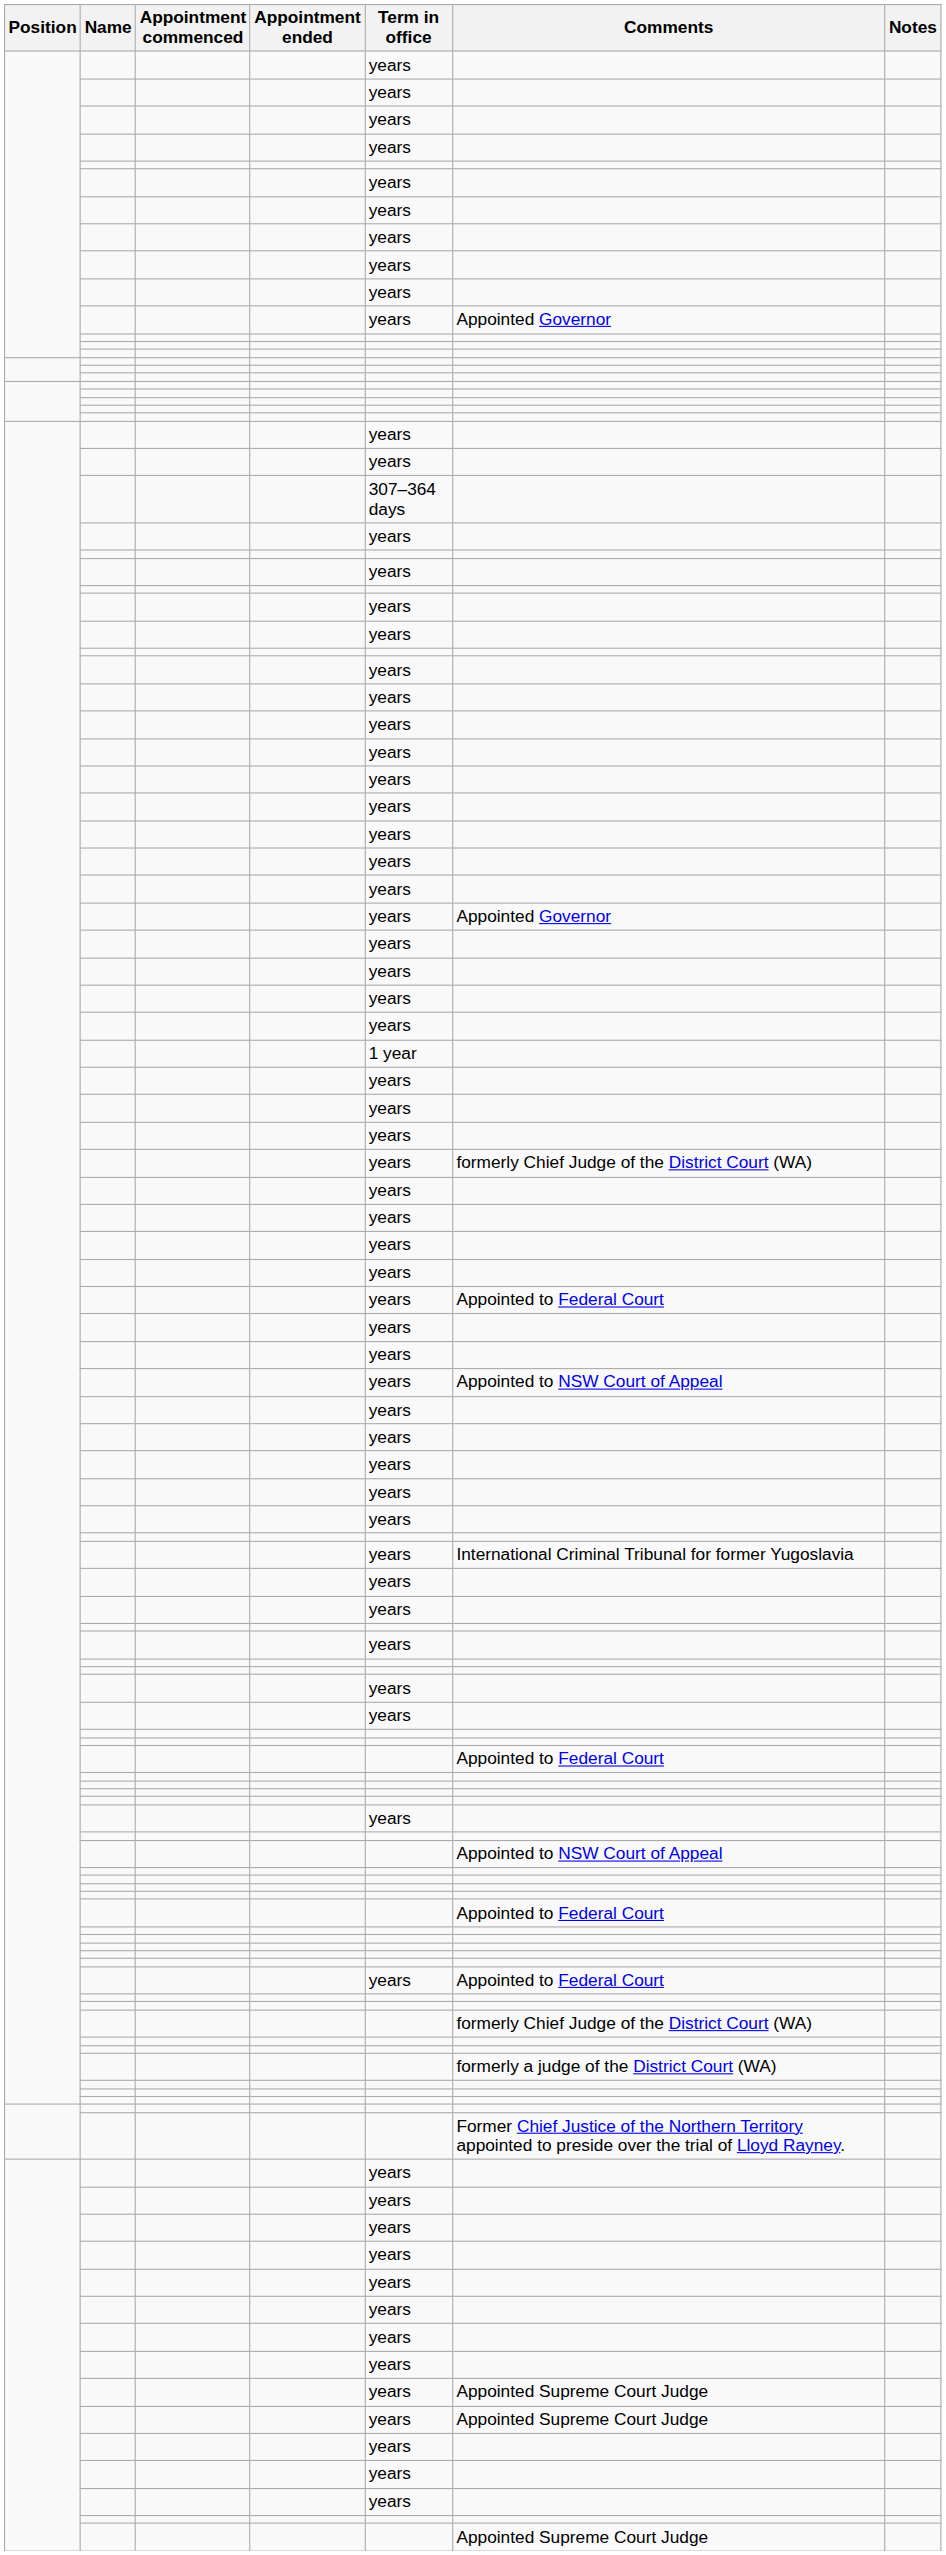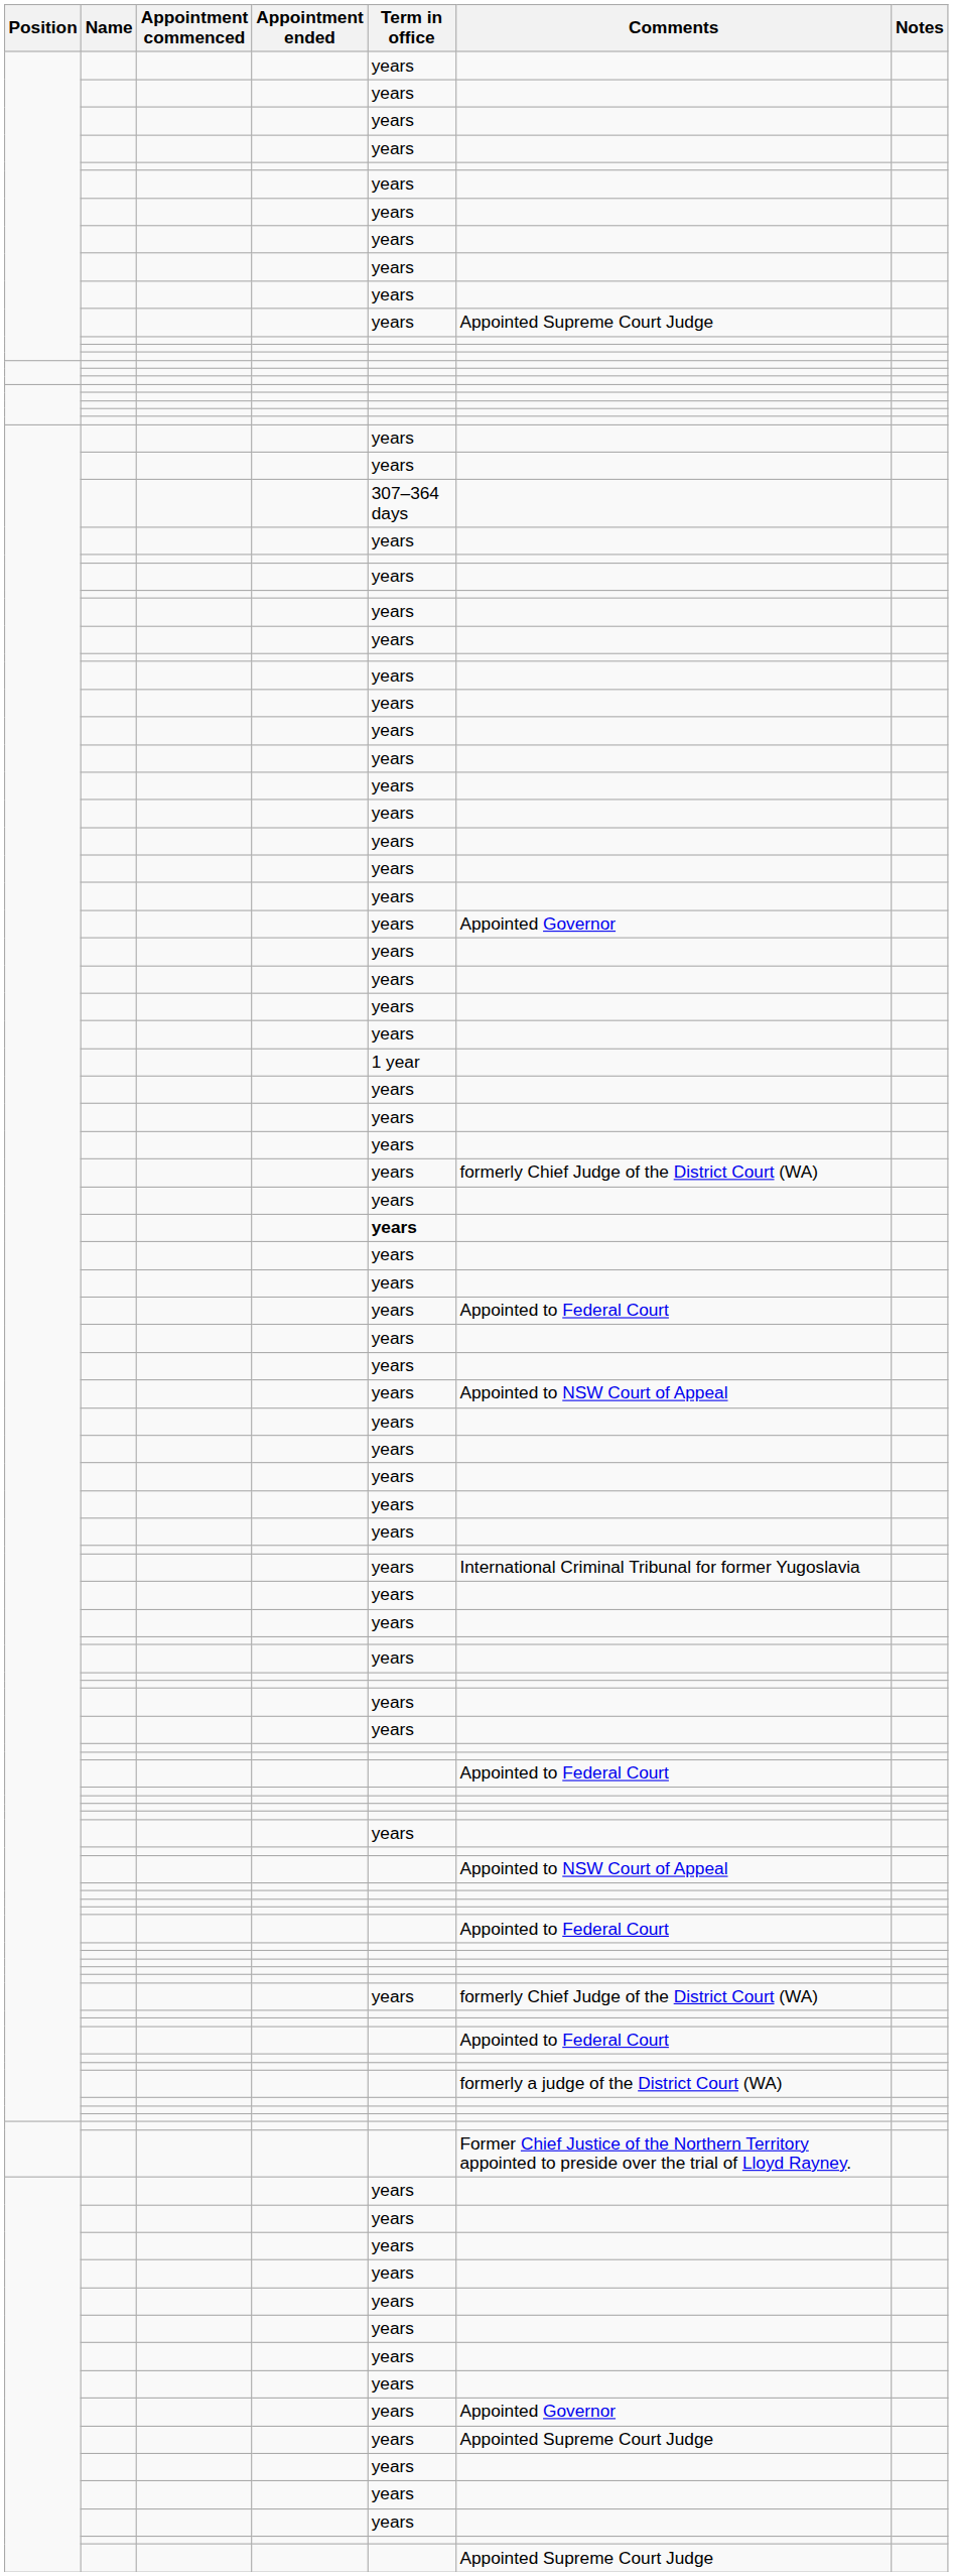 <table class="wikitable sortable" border="1" ||>
 <tr>
 <th>Position</th>
 <th>Name</th>
 <th>Appointment<br>commenced</th>
 <th>Appointment<br>ended</th>
 <th>Term in office</th>
 <th class="unsortable">Comments</th>
 <th class="unsortable">Notes</th>
 </tr>
 <tr style="vertical-align: top;">
 <td rowspan="14"></td>
 <td></td>
 <td></td>
 <td></td>
 <td> years</td>
 <td></td>
 <td></td>
 </tr>
 <tr>
 <td></td>
 <td></td>
 <td></td>
 <td> years</td>
 <td></td>
 <td></td>
 </tr>
 <tr>
 <td></td>
 <td></td>
 <td></td>
 <td> years</td>
 <td></td>
 <td></td>
 </tr>
 <tr>
 <td></td>
 <td></td>
 <td></td>
 <td> years</td>
 <td></td>
 <td></td>
 </tr>
 <tr>
 <td></td>
 <td></td>
 <td></td>
 <td></td>
 <td></td>
 <td></td>
 </tr>
 <tr>
 <td></td>
 <td></td>
 <td></td>
 <td> years</td>
 <td></td>
 <td></td>
 </tr>
 <tr>
 <td></td>
 <td></td>
 <td></td>
 <td> years</td>
 <td></td>
 <td></td>
 </tr>
 <tr>
 <td></td>
 <td></td>
 <td></td>
 <td> years</td>
 <td></td>
 <td></td>
 </tr>
 <tr>
 <td></td>
 <td></td>
 <td></td>
 <td> years</td>
 <td></td>
 <td></td>
 </tr>
 <tr>
 <td></td>
 <td></td>
 <td></td>
 <td> years</td>
 <td></td>
 <td></td>
 </tr>
 <tr>
 <td></td>
 <td></td>
 <td></td>
 <td> years</td>
-<td>Appointed <a href='#'>Governor</a></td>
+<td>Appointed Supreme Court Judge</td>
 <td></td>
 </tr>
 <tr>
 <td></td>
 <td></td>
 <td></td>
 <td></td>
 <td></td>
 <td></td>
 </tr>
 <tr>
 <td></td>
 <td></td>
 <td></td>
 <td></td>
 <td></td>
 <td></td>
 </tr>
 <tr>
 <td></td>
 <td></td>
 <td></td>
 <td></td>
 <td></td>
 <td></td>
 </tr>
 <tr style="vertical-align: top;">
 <td rowspan="3"></td>
 <td></td>
 <td></td>
 <td></td>
 <td></td>
 <td></td>
 <td></td>
 </tr>
 <tr>
 <td></td>
 <td></td>
 <td></td>
 <td></td>
 <td></td>
 <td></td>
 </tr>
 <tr>
 <td></td>
 <td></td>
 <td></td>
 <td></td>
 <td></td>
 <td></td>
 </tr>
 <tr style="vertical-align: top;">
 <td rowspan="5"></td>
 <td></td>
 <td></td>
 <td></td>
 <td></td>
 <td></td>
 <td></td>
 </tr>
 <tr>
 <td></td>
 <td></td>
 <td></td>
 <td></td>
 <td></td>
 <td></td>
 </tr>
 <tr>
 <td></td>
 <td></td>
 <td></td>
 <td></td>
 <td></td>
 <td></td>
 </tr>
 <tr>
 <td></td>
 <td></td>
 <td></td>
 <td></td>
 <td></td>
 <td></td>
 </tr>
 <tr>
 <td></td>
 <td></td>
 <td></td>
 <td></td>
 <td></td>
 <td></td>
 </tr>
 <tr style="vertical-align: top;">
 <td rowspan="82"></td>
 <td></td>
 <td></td>
 <td></td>
 <td> years</td>
 <td></td>
 <td></td>
 </tr>
 <tr>
 <td></td>
 <td></td>
 <td></td>
 <td> years</td>
 <td></td>
 <td></td>
 </tr>
 <tr>
 <td></td>
 <td></td>
 <td></td>
 <td> 307–364 days</td>
 <td></td>
 <td></td>
 </tr>
 <tr>
 <td></td>
 <td></td>
 <td></td>
 <td> years</td>
 <td></td>
 <td></td>
 </tr>
 <tr>
 <td></td>
 <td></td>
 <td></td>
 <td></td>
 <td></td>
 <td></td>
 </tr>
 <tr>
 <td></td>
 <td></td>
 <td></td>
 <td> years</td>
 <td></td>
 <td></td>
 </tr>
 <tr>
 <td></td>
 <td></td>
 <td></td>
 <td></td>
 <td></td>
 <td></td>
 </tr>
 <tr>
 <td></td>
 <td></td>
 <td></td>
 <td> years</td>
 <td></td>
 <td></td>
 </tr>
 <tr>
 <td></td>
 <td></td>
 <td></td>
 <td> years</td>
 <td></td>
 <td></td>
 </tr>
 <tr>
 <td></td>
 <td></td>
 <td></td>
 <td></td>
 <td></td>
 <td></td>
 </tr>
 <tr>
 <td></td>
 <td></td>
 <td></td>
 <td> years</td>
 <td></td>
 <td></td>
 </tr>
 <tr>
 <td></td>
 <td></td>
 <td></td>
 <td> years</td>
 <td></td>
 <td></td>
 </tr>
 <tr>
 <td></td>
 <td></td>
 <td></td>
 <td> years</td>
 <td></td>
 <td></td>
 </tr>
 <tr>
 <td></td>
 <td></td>
 <td></td>
 <td> years</td>
 <td></td>
 <td></td>
 </tr>
 <tr>
 <td></td>
 <td></td>
 <td></td>
 <td> years</td>
 <td></td>
 <td></td>
 </tr>
 <tr>
 <td></td>
 <td></td>
 <td></td>
 <td> years</td>
 <td></td>
 <td></td>
 </tr>
 <tr>
 <td></td>
 <td></td>
 <td></td>
 <td> years</td>
 <td></td>
 <td></td>
 </tr>
 <tr>
 <td></td>
 <td></td>
 <td></td>
 <td> years</td>
 <td></td>
 <td></td>
 </tr>
 <tr>
 <td></td>
 <td></td>
 <td></td>
 <td> years</td>
 <td></td>
 <td></td>
 </tr>
 <tr>
 <td></td>
 <td></td>
 <td></td>
 <td> years</td>
 <td>Appointed <a href='#'>Governor</a></td>
 <td></td>
 </tr>
 <tr>
 <td></td>
 <td></td>
 <td></td>
 <td> years</td>
 <td></td>
 <td></td>
 </tr>
 <tr>
 <td></td>
 <td></td>
 <td></td>
 <td> years</td>
 <td></td>
 <td></td>
 </tr>
 <tr>
 <td></td>
 <td></td>
 <td></td>
 <td> years</td>
 <td></td>
 <td></td>
 </tr>
 <tr>
 <td></td>
 <td></td>
 <td></td>
 <td> years</td>
 <td></td>
 <td></td>
 </tr>
 <tr>
 <td></td>
 <td></td>
 <td></td>
 <td> 1 year</td>
 <td></td>
 <td></td>
 </tr>
 <tr>
 <td></td>
 <td></td>
 <td></td>
 <td> years</td>
 <td></td>
 <td></td>
 </tr>
 <tr>
 <td></td>
 <td></td>
 <td></td>
 <td> years</td>
 <td></td>
 <td></td>
 </tr>
 <tr>
 <td></td>
 <td></td>
 <td></td>
 <td> years</td>
 <td></td>
 <td></td>
 </tr>
 <tr>
 <td></td>
 <td></td>
 <td></td>
 <td> years</td>
 <td>formerly Chief Judge of the <a href='#'>District Court</a> (WA)</td>
 <td></td>
 </tr>
 <tr>
 <td></td>
 <td></td>
 <td></td>
 <td> years</td>
 <td></td>
 <td></td>
 </tr>
 <tr>
 <td></td>
 <td></td>
 <td></td>
-<td> years</td>
+<td><strong> years</strong></td>
 <td></td>
 <td></td>
 </tr>
 <tr>
 <td></td>
 <td></td>
 <td></td>
 <td> years</td>
 <td></td>
 <td></td>
 </tr>
 <tr>
 <td></td>
 <td></td>
 <td></td>
 <td> years</td>
 <td></td>
 <td></td>
 </tr>
 <tr>
 <td></td>
 <td></td>
 <td></td>
 <td> years</td>
 <td>Appointed to <a href='#'>Federal Court</a></td>
 <td></td>
 </tr>
 <tr>
 <td></td>
 <td></td>
 <td></td>
 <td> years</td>
 <td></td>
 <td></td>
 </tr>
 <tr>
 <td></td>
 <td></td>
 <td></td>
 <td> years</td>
 <td></td>
 <td></td>
 </tr>
 <tr>
 <td></td>
 <td></td>
 <td></td>
 <td> years</td>
 <td>Appointed to <a href='#'>NSW Court of Appeal</a></td>
 <td></td>
 </tr>
 <tr>
 <td></td>
 <td></td>
 <td></td>
 <td> years</td>
 <td></td>
 <td></td>
 </tr>
 <tr>
 <td></td>
 <td></td>
 <td></td>
 <td> years</td>
 <td></td>
 <td></td>
 </tr>
 <tr>
 <td></td>
 <td></td>
 <td></td>
 <td> years</td>
 <td></td>
 <td></td>
 </tr>
 <tr>
 <td></td>
 <td></td>
 <td></td>
 <td> years</td>
 <td></td>
 <td></td>
 </tr>
 <tr>
 <td></td>
 <td></td>
 <td></td>
 <td> years</td>
 <td></td>
 <td></td>
 </tr>
 <tr>
 <td></td>
 <td></td>
 <td></td>
 <td></td>
 <td></td>
 <td></td>
 </tr>
 <tr>
 <td></td>
 <td></td>
 <td></td>
 <td> years</td>
 <td>International Criminal Tribunal for former Yugoslavia</td>
 <td></td>
 </tr>
 <tr>
 <td></td>
 <td></td>
 <td></td>
 <td> years</td>
 <td></td>
 <td></td>
 </tr>
 <tr>
 <td></td>
 <td></td>
 <td></td>
 <td> years</td>
 <td></td>
 <td></td>
 </tr>
 <tr>
 <td></td>
 <td></td>
 <td></td>
 <td></td>
 <td></td>
 <td></td>
 </tr>
 <tr>
 <td></td>
 <td></td>
 <td></td>
 <td> years</td>
 <td></td>
 <td></td>
 </tr>
 <tr>
 <td></td>
 <td></td>
 <td></td>
 <td></td>
 <td></td>
 <td></td>
 </tr>
 <tr>
 <td></td>
 <td></td>
 <td></td>
 <td></td>
 <td></td>
 <td></td>
 </tr>
 <tr>
 <td></td>
 <td></td>
 <td></td>
 <td> years</td>
 <td></td>
 <td></td>
 </tr>
 <tr>
 <td></td>
 <td></td>
 <td></td>
 <td> years</td>
 <td></td>
 <td></td>
 </tr>
 <tr>
 <td></td>
 <td></td>
 <td></td>
 <td></td>
 <td></td>
 <td></td>
 </tr>
 <tr>
 <td></td>
 <td></td>
 <td></td>
 <td></td>
 <td></td>
 <td></td>
 </tr>
 <tr>
 <td></td>
 <td></td>
 <td></td>
 <td></td>
 <td>Appointed to <a href='#'>Federal Court</a></td>
 <td></td>
 </tr>
 <tr>
 <td></td>
 <td></td>
 <td></td>
 <td></td>
 <td></td>
 <td></td>
 </tr>
 <tr>
 <td></td>
 <td></td>
 <td></td>
 <td></td>
 <td></td>
 <td></td>
 </tr>
 <tr>
 <td></td>
 <td></td>
 <td></td>
 <td></td>
 <td></td>
 <td></td>
 </tr>
 <tr>
 <td></td>
 <td></td>
 <td></td>
 <td></td>
 <td></td>
 <td></td>
 </tr>
 <tr>
 <td></td>
 <td></td>
 <td></td>
 <td> years</td>
 <td></td>
 <td></td>
 </tr>
 <tr>
 <td></td>
 <td></td>
 <td></td>
 <td></td>
 <td></td>
 <td></td>
 </tr>
 <tr>
 <td></td>
 <td></td>
 <td></td>
 <td></td>
 <td>Appointed to <a href='#'>NSW Court of Appeal</a></td>
 <td></td>
 </tr>
 <tr>
 <td></td>
 <td></td>
 <td></td>
 <td></td>
 <td></td>
 <td></td>
 </tr>
 <tr>
 <td></td>
 <td></td>
 <td></td>
 <td></td>
 <td></td>
 <td></td>
 </tr>
 <tr>
 <td></td>
 <td></td>
 <td></td>
 <td></td>
 <td></td>
 <td></td>
 </tr>
 <tr>
 <td></td>
 <td></td>
 <td></td>
 <td></td>
 <td></td>
 <td></td>
 </tr>
 <tr>
 <td></td>
 <td></td>
 <td></td>
 <td></td>
 <td>Appointed to <a href='#'>Federal Court</a></td>
 <td></td>
 </tr>
 <tr>
 <td></td>
 <td></td>
 <td></td>
 <td></td>
 <td></td>
 <td></td>
 </tr>
 <tr>
 <td></td>
 <td></td>
 <td></td>
 <td></td>
 <td></td>
 <td></td>
 </tr>
 <tr>
 <td></td>
 <td></td>
 <td></td>
 <td></td>
 <td></td>
 <td></td>
 </tr>
 <tr>
 <td></td>
 <td></td>
 <td></td>
 <td></td>
 <td></td>
 <td></td>
 </tr>
 <tr>
 <td></td>
 <td></td>
 <td></td>
 <td></td>
 <td></td>
 <td></td>
 </tr>
 <tr>
 <td></td>
 <td></td>
 <td></td>
 <td> years</td>
-<td>Appointed to <a href='#'>Federal Court</a></td>
+<td>formerly Chief Judge of the <a href='#'>District Court</a> (WA)</td>
 <td></td>
 </tr>
 <tr>
 <td></td>
 <td></td>
 <td></td>
 <td></td>
 <td></td>
 <td></td>
 </tr>
 <tr>
 <td></td>
 <td></td>
 <td></td>
 <td></td>
 <td></td>
 <td></td>
 </tr>
 <tr>
 <td></td>
 <td></td>
 <td></td>
 <td></td>
-<td>formerly Chief Judge of the <a href='#'>District Court</a> (WA)</td>
+<td>Appointed to <a href='#'>Federal Court</a></td>
 <td></td>
 </tr>
 <tr>
 <td></td>
 <td></td>
 <td></td>
 <td></td>
 <td></td>
 <td></td>
 </tr>
 <tr>
 <td></td>
 <td></td>
 <td></td>
 <td></td>
 <td></td>
 <td></td>
 </tr>
 <tr>
 <td></td>
 <td></td>
 <td></td>
 <td></td>
 <td>formerly a judge of the <a href='#'>District Court</a> (WA)</td>
 <td></td>
 </tr>
 <tr>
 <td></td>
 <td></td>
 <td></td>
 <td></td>
 <td></td>
 <td></td>
 </tr>
 <tr>
 <td></td>
 <td></td>
 <td></td>
 <td></td>
 <td></td>
 <td></td>
 </tr>
 <tr>
 <td></td>
 <td></td>
 <td></td>
 <td></td>
 <td></td>
 <td></td>
 </tr>
 <tr>
 <td rowspan="2"></td>
 <td></td>
 <td></td>
 <td></td>
 <td></td>
 <td></td>
 <td></td>
 </tr>
 <tr>
 <td></td>
 <td></td>
 <td></td>
 <td> </td>
 <td>Former <a href='#'>Chief Justice of the Northern Territory</a> appointed to preside over the trial of <a href='#'>Lloyd Rayney</a>.</td>
 <td></td>
 </tr>
 <tr style="vertical-align: top;">
 <td rowspan="15"></td>
 <td></td>
 <td></td>
 <td></td>
 <td> years</td>
 <td></td>
 <td></td>
 </tr>
 <tr>
 <td></td>
 <td></td>
 <td></td>
 <td> years</td>
 <td></td>
 <td></td>
 </tr>
 <tr>
 <td></td>
 <td></td>
 <td></td>
 <td> years</td>
 <td></td>
 <td></td>
 </tr>
 <tr>
 <td></td>
 <td></td>
 <td></td>
 <td> years</td>
 <td></td>
 <td></td>
 </tr>
 <tr>
 <td></td>
 <td></td>
 <td></td>
 <td> years</td>
 <td></td>
 <td></td>
 </tr>
 <tr>
 <td></td>
 <td></td>
 <td></td>
 <td> years</td>
 <td></td>
 <td></td>
 </tr>
 <tr>
 <td></td>
 <td></td>
 <td></td>
 <td> years</td>
 <td></td>
 <td></td>
 </tr>
 <tr>
 <td></td>
 <td></td>
 <td></td>
 <td> years</td>
 <td></td>
 <td></td>
 </tr>
 <tr>
 <td></td>
 <td></td>
 <td></td>
 <td> years</td>
-<td>Appointed Supreme Court Judge</td>
+<td>Appointed <a href='#'>Governor</a></td>
 <td></td>
 </tr>
 <tr>
 <td></td>
 <td></td>
 <td></td>
 <td> years</td>
 <td>Appointed Supreme Court Judge</td>
 <td></td>
 </tr>
 <tr>
 <td></td>
 <td></td>
 <td></td>
 <td> years</td>
 <td></td>
 <td></td>
 </tr>
 <tr>
 <td></td>
 <td></td>
 <td></td>
 <td> years</td>
 <td></td>
 <td></td>
 </tr>
 <tr>
 <td></td>
 <td></td>
 <td></td>
 <td> years</td>
 <td></td>
 <td></td>
 </tr>
 <tr>
 <td></td>
 <td></td>
 <td></td>
 <td></td>
 <td></td>
 <td></td>
 </tr>
 <tr>
 <td></td>
 <td></td>
 <td></td>
 <td></td>
 <td>Appointed Supreme Court Judge</td>
 <td></td>
 </tr>
 </table>
